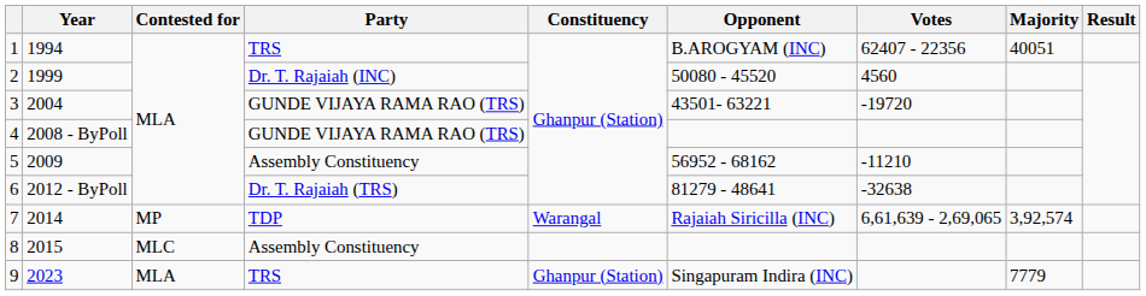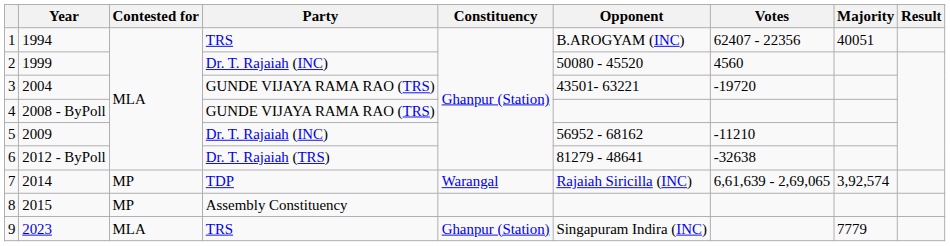 <table class="wikitable">
 <tr>
 <th></th>
 <th>Year</th>
 <th>Contested for</th>
 <th>Party</th>
 <th>Constituency</th>
 <th>Opponent</th>
 <th>Votes</th>
 <th>Majority</th>
 <th>Result</th>
 </tr>
 <tr>
 <td>1</td>
 <td>1994</td>
 <td rowspan="6">MLA</td>
 <td style="background-color: "><a href='#'>TRS</a></td>
 <td rowspan="6"><a href='#'>Ghanpur (Station)</a></td>
 <td>B.AROGYAM (<a href='#'>INC</a>)</td>
 <td>62407 - 22356</td>
 <td>40051</td>
 <td> </td>
 </tr>
 <tr>
 <td>2</td>
 <td>1999</td>
 <td><a href='#'>Dr. T. Rajaiah</a> (<a href='#'>INC</a>)</td>
 <td>50080 - 45520</td>
 <td>4560</td>
 <td> </td>
 </tr>
 <tr>
 <td>3</td>
 <td>2004</td>
 <td>GUNDE VIJAYA RAMA RAO (<a href='#'>TRS</a>)</td>
 <td>43501- 63221</td>
 <td>-19720</td>
 <td> </td>
 </tr>
 <tr>
 <td>4</td>
 <td>2008 - ByPoll</td>
 <td>GUNDE VIJAYA RAMA RAO (<a href='#'>TRS</a>)</td>
 <td></td>
 <td></td>
 <td> </td>
 </tr>
 <tr>
 <td>5</td>
 <td>2009</td>
-<td>Assembly Constituency</td>
+<td><a href='#'>Dr. T. Rajaiah</a> (<a href='#'>INC</a>)</td>
 <td>56952 - 68162</td>
 <td>-11210</td>
 <td> </td>
 </tr>
 <tr>
 <td>6</td>
 <td>2012 - ByPoll</td>
 <td><a href='#'>Dr. T. Rajaiah</a> (<a href='#'>TRS</a>)</td>
 <td>81279 - 48641</td>
 <td>-32638</td>
 <td> </td>
 </tr>
 <tr>
 <td>7</td>
 <td>2014</td>
 <td>MP</td>
 <td style="background-color: "><a href='#'>TDP</a></td>
 <td><a href='#'>Warangal</a></td>
 <td><a href='#'>Rajaiah Siricilla</a> (<a href='#'>INC</a>)</td>
 <td>6,61,639 - 2,69,065</td>
 <td>3,92,574</td>
 <td></td>
 </tr>
 <tr>
 <td>8</td>
 <td>2015</td>
-<td>MLC</td>
+<td>MP</td>
 <td>Assembly Constituency</td>
 <td></td>
 <td></td>
 <td></td>
 <td></td>
 </tr>
 <tr>
 <td>9</td>
 <td><a href='#'>2023</a></td>
 <td>MLA</td>
 <td style="background-color: "><a href='#'>TRS</a></td>
 <td><a href='#'>Ghanpur (Station)</a></td>
 <td>Singapuram Indira (<a href='#'>INC</a>)</td>
 <td></td>
 <td>7779</td>
 <td></td>
 </tr>
 </table>
